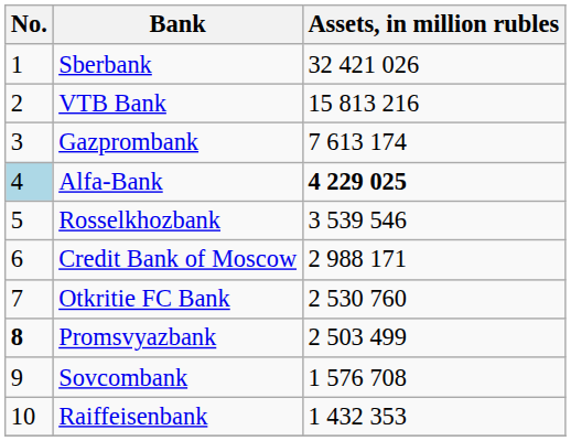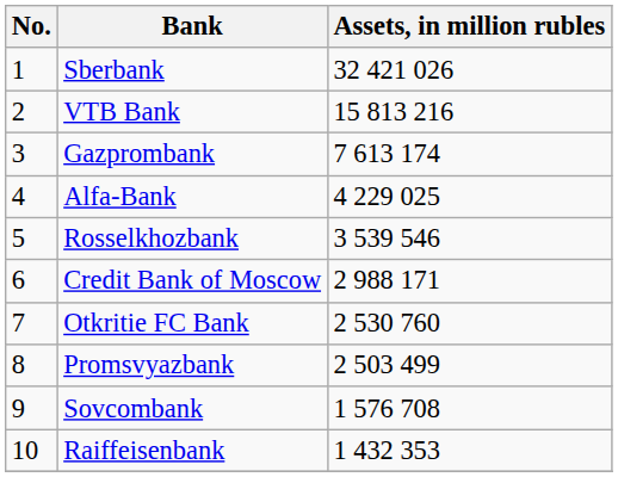 <table class="wikitable">
 <tr>
 <th>No.</th>
 <th>Bank</th>
 <th>Assets, in million rubles</th>
 </tr>
 <tr>
 <td>1</td>
 <td><a href='#'>Sberbank</a></td>
 <td>32 421 026</td>
 </tr>
 <tr>
 <td>2</td>
 <td><a href='#'>VTB Bank</a></td>
 <td>15 813 216</td>
 </tr>
 <tr>
 <td>3</td>
 <td><a href='#'>Gazprombank</a></td>
 <td>7 613 174</td>
 </tr>
 <tr>
-<td style="background: lightblue;">4</td>
+<td>4</td>
 <td><a href='#'>Alfa-Bank</a></td>
-<td><strong>4 229 025</strong></td>
+<td>4 229 025</td>
 </tr>
 <tr>
 <td>5</td>
 <td><a href='#'>Rosselkhozbank</a></td>
 <td>3 539 546</td>
 </tr>
 <tr>
 <td>6</td>
 <td><a href='#'>Credit Bank of Moscow</a></td>
 <td>2 988 171</td>
 </tr>
 <tr>
 <td>7</td>
 <td><a href='#'>Otkritie FC Bank</a></td>
 <td>2 530 760</td>
 </tr>
 <tr>
-<td><strong>8</strong></td>
+<td>8</td>
 <td><a href='#'>Promsvyazbank</a></td>
 <td>2 503 499</td>
 </tr>
 <tr>
 <td>9</td>
 <td><a href='#'>Sovcombank</a></td>
 <td>1 576 708</td>
 </tr>
 <tr>
 <td>10</td>
 <td><a href='#'>Raiffeisenbank</a></td>
 <td>1 432 353</td>
 </tr>
 <tr>
 </tr>
 </table>
